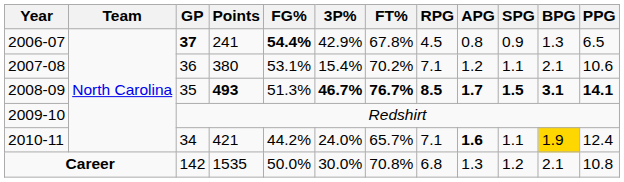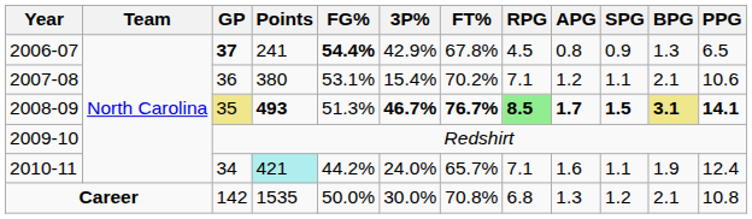 <table class="wikitable sortable">
 <tr>
 <th>Year</th>
 <th>Team</th>
 <th>GP</th>
 <th>Points</th>
 <th>FG%</th>
 <th>3P%</th>
 <th>FT%</th>
 <th>RPG</th>
 <th>APG</th>
 <th>SPG</th>
 <th>BPG</th>
 <th>PPG</th>
 </tr>
 <tr>
 <td>2006-07</td>
 <td rowspan=5><a href='#'>North Carolina</a></td>
 <td><strong>37</strong></td>
 <td>241</td>
 <td><strong>54.4%</strong></td>
 <td>42.9%</td>
 <td>67.8%</td>
 <td>4.5</td>
 <td>0.8</td>
 <td>0.9</td>
 <td>1.3</td>
 <td>6.5</td>
 </tr>
 <tr>
 <td>2007-08</td>
 <td>36</td>
 <td>380</td>
 <td>53.1%</td>
 <td>15.4%</td>
 <td>70.2%</td>
 <td>7.1</td>
 <td>1.2</td>
 <td>1.1</td>
 <td>2.1</td>
 <td>10.6</td>
 </tr>
 <tr>
 <td>2008-09</td>
-<td>35</td>
+<td style="background: khaki;">35</td>
 <td><strong>493</strong></td>
 <td>51.3%</td>
 <td><strong>46.7%</strong></td>
 <td><strong>76.7%</strong></td>
-<td><strong>8.5</strong></td>
+<td style="background: lightgreen;"><strong>8.5</strong></td>
 <td><strong>1.7</strong></td>
 <td><strong>1.5</strong></td>
-<td><strong>3.1</strong></td>
+<td style="background: khaki;"><strong>3.1</strong></td>
 <td><strong>14.1</strong></td>
 </tr>
 <tr>
 <td>2009-10</td>
 <td colspan="10" align=center><em>Redshirt</em></td>
 </tr>
 <tr>
 <td>2010-11</td>
 <td>34</td>
-<td>421</td>
+<td style="background: paleturquoise;">421</td>
 <td>44.2%</td>
 <td>24.0%</td>
 <td>65.7%</td>
 <td>7.1</td>
-<td><strong>1.6</strong></td>
+<td>1.6</td>
 <td>1.1</td>
-<td style="background: gold;">1.9</td>
+<td>1.9</td>
 <td>12.4</td>
 </tr>
 <tr>
 <td colspan=2 align=center><strong>Career</strong></td>
 <td>142</td>
 <td>1535</td>
 <td>50.0%</td>
 <td>30.0%</td>
 <td>70.8%</td>
 <td>6.8</td>
 <td>1.3</td>
 <td>1.2</td>
 <td>2.1</td>
 <td>10.8</td>
 </tr>
 </table>
